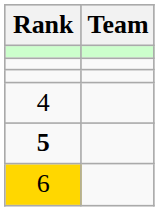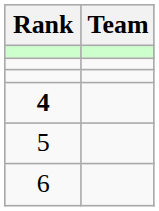 <table class="wikitable" style="text-align:center;">
 <tr>
 <th width=40>Rank</th>
 <th>Team</th>
 </tr>
 <tr bgcolor=#ccffcc>
 <td></td>
 <td style="text-align:left;"></td>
 </tr>
 <tr>
 <td></td>
 <td style="text-align:left;"></td>
 </tr>
 <tr>
 <td></td>
 <td style="text-align:left;"></td>
 </tr>
 <tr>
-<td>4</td>
+<td><strong>4</strong></td>
 <td style="text-align:left;"></td>
 </tr>
 <tr>
-<td><strong>5</strong></td>
+<td>5</td>
 <td style="text-align:left;"></td>
 </tr>
 <tr>
-<td style="background: gold;">6</td>
+<td>6</td>
 <td style="text-align:left;"></td>
 </tr>
 </table>
